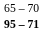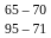 <table style="text-align:center;">
 <tr>
 <th width=200></th>
 <th width=100></th>
 <th width=200></th>
 <th></th>
 </tr>
 <tr>
 <td align=right></td>
 <td>65 – 70</td>
 <td align=left><strong></strong></td>
 </tr>
 <tr>
 <td align=right><strong></strong></td>
-<td><strong>95 – 71</strong></td>
+<td>95 – 71</td>
 <td align=left></td>
 </tr>
 </table>
